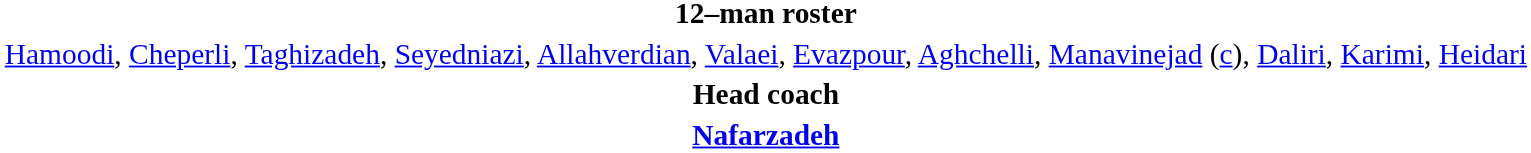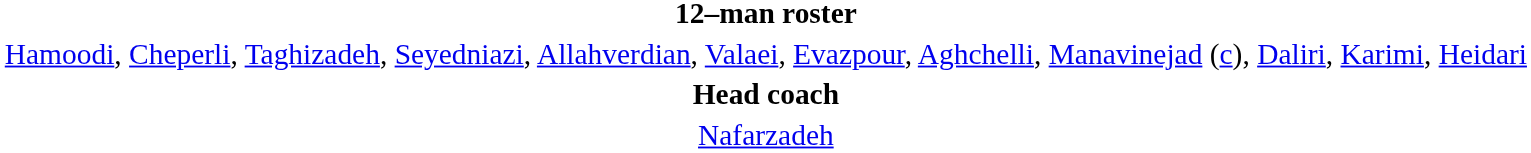 <table style="text-align: center; margin-top: 2em; margin-left: auto; margin-right: auto">
 <tr>
 <td><strong>12–man roster</strong></td>
 </tr>
 <tr>
 <td><a href='#'>Hamoodi</a>, <a href='#'>Cheperli</a>, <a href='#'>Taghizadeh</a>, <a href='#'>Seyedniazi</a>, <a href='#'>Allahverdian</a>, <a href='#'>Valaei</a>, <a href='#'>Evazpour</a>, <a href='#'>Aghchelli</a>, <a href='#'>Manavinejad</a> (<a href='#'>c</a>), <a href='#'>Daliri</a>, <a href='#'>Karimi</a>, <a href='#'>Heidari</a></td>
 </tr>
 <tr>
 <td><strong>Head coach</strong></td>
 </tr>
 <tr>
-<td><strong><a href='#'>Nafarzadeh</a></strong></td>
+<td><a href='#'>Nafarzadeh</a></td>
 </tr>
 </table>
